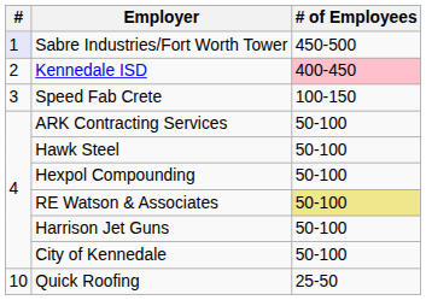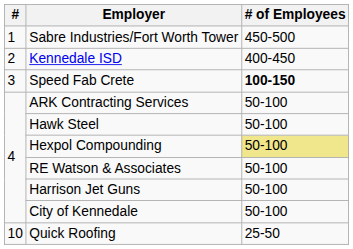 <table class="wikitable" border="1">
 <tr>
 <th>#</th>
 <th>Employer</th>
 <th># of Employees</th>
 </tr>
 <tr>
-<td style="background: lavender;">1</td>
+<td>1</td>
 <td>Sabre Industries/Fort Worth Tower</td>
 <td>450-500</td>
 </tr>
 <tr>
 <td>2</td>
 <td><a href='#'>Kennedale ISD</a></td>
-<td style="background: pink;">400-450</td>
+<td>400-450</td>
 </tr>
 <tr>
 <td>3</td>
 <td>Speed Fab Crete</td>
-<td>100-150</td>
+<td><strong>100-150</strong></td>
 </tr>
 <tr>
 <td rowspan=6>4</td>
 <td>ARK Contracting Services</td>
 <td>50-100</td>
 </tr>
 <tr>
 <td>Hawk Steel</td>
 <td>50-100</td>
 </tr>
 <tr>
 <td>Hexpol Compounding</td>
-<td>50-100</td>
+<td style="background: khaki;">50-100</td>
 </tr>
 <tr>
 <td>RE Watson & Associates</td>
-<td style="background: khaki;">50-100</td>
+<td>50-100</td>
 </tr>
 <tr>
 <td>Harrison Jet Guns</td>
 <td>50-100</td>
 </tr>
 <tr>
 <td>City of Kennedale</td>
 <td>50-100</td>
 </tr>
 <tr>
 <td>10</td>
 <td>Quick Roofing</td>
 <td>25-50</td>
 </tr>
 </table>
